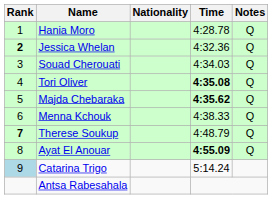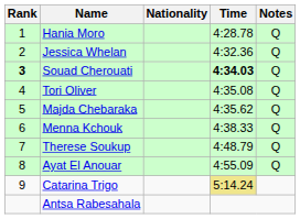 <table class="wikitable sortable" style="text-align:center">
 <tr>
 <th>Rank</th>
 <th>Name</th>
 <th>Nationality</th>
 <th>Time</th>
 <th>Notes</th>
 </tr>
 <tr bgcolor=ccffcc>
 <td>1</td>
 <td align=left><a href='#'>Hania Moro</a></td>
 <td align=left></td>
 <td>4:28.78</td>
 <td>Q</td>
 </tr>
 <tr bgcolor=ccffcc>
-<td><strong>2</strong></td>
+<td>2</td>
 <td align=left><a href='#'>Jessica Whelan</a></td>
 <td align=left></td>
 <td>4:32.36</td>
 <td>Q</td>
 </tr>
 <tr bgcolor=ccffcc>
-<td>3</td>
+<td><strong>3</strong></td>
 <td align=left><a href='#'>Souad Cherouati</a></td>
 <td align=left></td>
-<td>4:34.03</td>
+<td><strong>4:34.03</strong></td>
 <td>Q</td>
 </tr>
 <tr bgcolor=ccffcc>
 <td>4</td>
 <td align=left><a href='#'>Tori Oliver</a></td>
 <td align=left></td>
-<td><strong>4:35.08</strong></td>
+<td>4:35.08</td>
 <td>Q</td>
 </tr>
 <tr bgcolor=ccffcc>
 <td>5</td>
 <td align=left><a href='#'>Majda Chebaraka</a></td>
 <td align=left></td>
-<td><strong>4:35.62</strong></td>
+<td>4:35.62</td>
 <td>Q</td>
 </tr>
 <tr bgcolor=ccffcc>
 <td>6</td>
 <td align=left><a href='#'>Menna Kchouk</a></td>
 <td align=left></td>
 <td>4:38.33</td>
 <td>Q</td>
 </tr>
 <tr bgcolor=ccffcc>
-<td><strong>7</strong></td>
+<td>7</td>
 <td align=left><a href='#'>Therese Soukup</a></td>
 <td align=left></td>
 <td>4:48.79</td>
 <td>Q</td>
 </tr>
 <tr bgcolor=ccffcc>
 <td>8</td>
 <td align=left><a href='#'>Ayat El Anouar</a></td>
 <td align=left></td>
-<td><strong>4:55.09</strong></td>
+<td>4:55.09</td>
 <td>Q</td>
 </tr>
 <tr>
-<td style="background: lightblue;">9</td>
+<td>9</td>
 <td align=left><a href='#'>Catarina Trigo</a></td>
 <td align=left></td>
-<td>5:14.24</td>
+<td style="background: khaki;">5:14.24</td>
 <td></td>
 </tr>
 <tr>
 <td></td>
 <td align=left><a href='#'>Antsa Rabesahala</a></td>
 <td align=left></td>
 <td colspan=2></td>
 </tr>
 </table>
